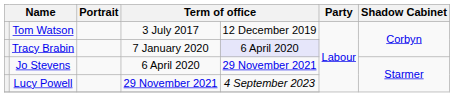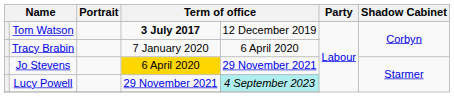 <table class="wikitable" style="text-align:center">
 <tr>
 <th colspan=2>Name</th>
 <th>Portrait</th>
 <th colspan="2">Term of office</th>
 <th>Party</th>
 <th>Shadow Cabinet</th>
 </tr>
 <tr>
 <th style="background-color: "></th>
 <td><a href='#'>Tom Watson</a></td>
 <td></td>
-<td>3 July 2017</td>
+<td><strong>3 July 2017</strong></td>
 <td>12 December 2019</td>
 <td rowspan="5"><a href='#'>Labour</a></td>
 <td rowspan="2"><a href='#'>Corbyn</a></td>
 </tr>
 <tr>
 <th style="background-color: "></th>
 <td><a href='#'>Tracy Brabin</a></td>
 <td></td>
 <td>7 January 2020</td>
-<td style="background: lavender;">6 April 2020</td>
+<td>6 April 2020</td>
 </tr>
 <tr>
 <th style="background-color: "></th>
 <td><a href='#'>Jo Stevens</a></td>
 <td></td>
-<td>6 April 2020</td>
+<td style="background: gold;">6 April 2020</td>
 <td><a href='#'>29 November 2021</a></td>
 <td rowspan="3"><a href='#'>Starmer</a></td>
 </tr>
 <tr>
 <th style="background-color: "></th>
 <td><a href='#'>Lucy Powell</a></td>
 <td></td>
 <td><a href='#'>29 November 2021</a></td>
-<td><em>4 September 2023</em></td>
+<td style="background: paleturquoise;"><em>4 September 2023</em></td>
 </tr>
 <tr>
 </tr>
 </table>
